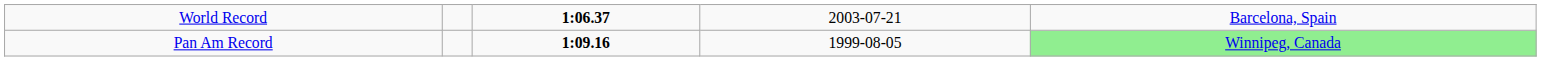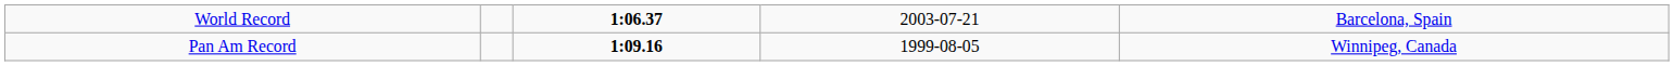 <table class="wikitable" style=" text-align:center; font-size:95%;" width="75%">
 <tr>
 <td><a href='#'>World Record</a></td>
 <td></td>
 <td><strong>1:06.37</strong></td>
 <td>2003-07-21</td>
 <td> <a href='#'>Barcelona, Spain</a></td>
 </tr>
 <tr>
 <td><a href='#'>Pan Am Record</a></td>
 <td></td>
 <td><strong>1:09.16</strong></td>
 <td>1999-08-05</td>
-<td style="background: lightgreen;"> <a href='#'>Winnipeg, Canada</a></td>
+<td> <a href='#'>Winnipeg, Canada</a></td>
 </tr>
 </table>
